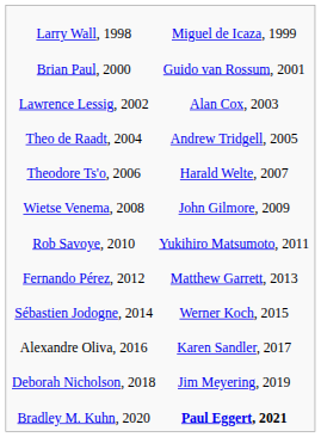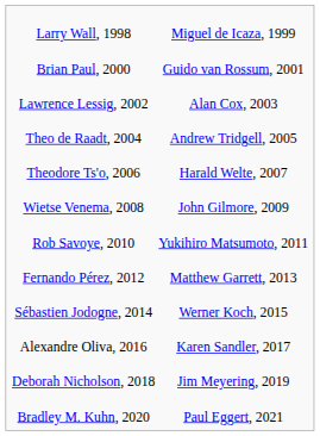 <table class="infobox" style="float: right; text-align: center">
 <tr>
 <td><br><a href='#'>Larry Wall</a>, 1998</td>
 <td><br><a href='#'>Miguel de Icaza</a>, 1999</td>
 </tr>
 <tr>
 <td><br><a href='#'>Brian Paul</a>, 2000</td>
 <td><br><a href='#'>Guido van Rossum</a>, 2001</td>
 </tr>
 <tr>
 <td><br><a href='#'>Lawrence Lessig</a>, 2002</td>
 <td><br><a href='#'>Alan Cox</a>, 2003</td>
 </tr>
 <tr>
 <td><br><a href='#'>Theo de Raadt</a>, 2004</td>
 <td><br><a href='#'>Andrew Tridgell</a>, 2005</td>
 </tr>
 <tr>
 <td><br><a href='#'>Theodore Ts'o</a>, 2006</td>
 <td><br><a href='#'>Harald Welte</a>, 2007</td>
 </tr>
 <tr>
 <td><br><a href='#'>Wietse Venema</a>, 2008</td>
 <td><br><a href='#'>John Gilmore</a>, 2009</td>
 </tr>
 <tr>
 <td><br><a href='#'>Rob Savoye</a>, 2010</td>
 <td><br><a href='#'>Yukihiro Matsumoto</a>, 2011</td>
 </tr>
 <tr>
 <td> <br> <a href='#'>Fernando Pérez</a>, 2012</td>
 <td> <br> <a href='#'>Matthew Garrett</a>, 2013</td>
 </tr>
 <tr>
 <td> <br> <a href='#'>Sébastien Jodogne</a>, 2014</td>
 <td><br><a href='#'>Werner Koch</a>, 2015</td>
 </tr>
 <tr>
 <td> <br> Alexandre Oliva, 2016</td>
 <td><br><a href='#'>Karen Sandler</a>, 2017</td>
 </tr>
 <tr>
 <td> <br> <a href='#'>Deborah Nicholson</a>, 2018</td>
 <td> <br> <a href='#'>Jim Meyering</a>, 2019</td>
 </tr>
 <tr>
 <td> <br> <a href='#'>Bradley M. Kuhn</a>, 2020</td>
-<td><strong> <br> <a href='#'>Paul Eggert</a>, 2021</strong></td>
+<td> <br> <a href='#'>Paul Eggert</a>, 2021</td>
 </tr>
 </table>
